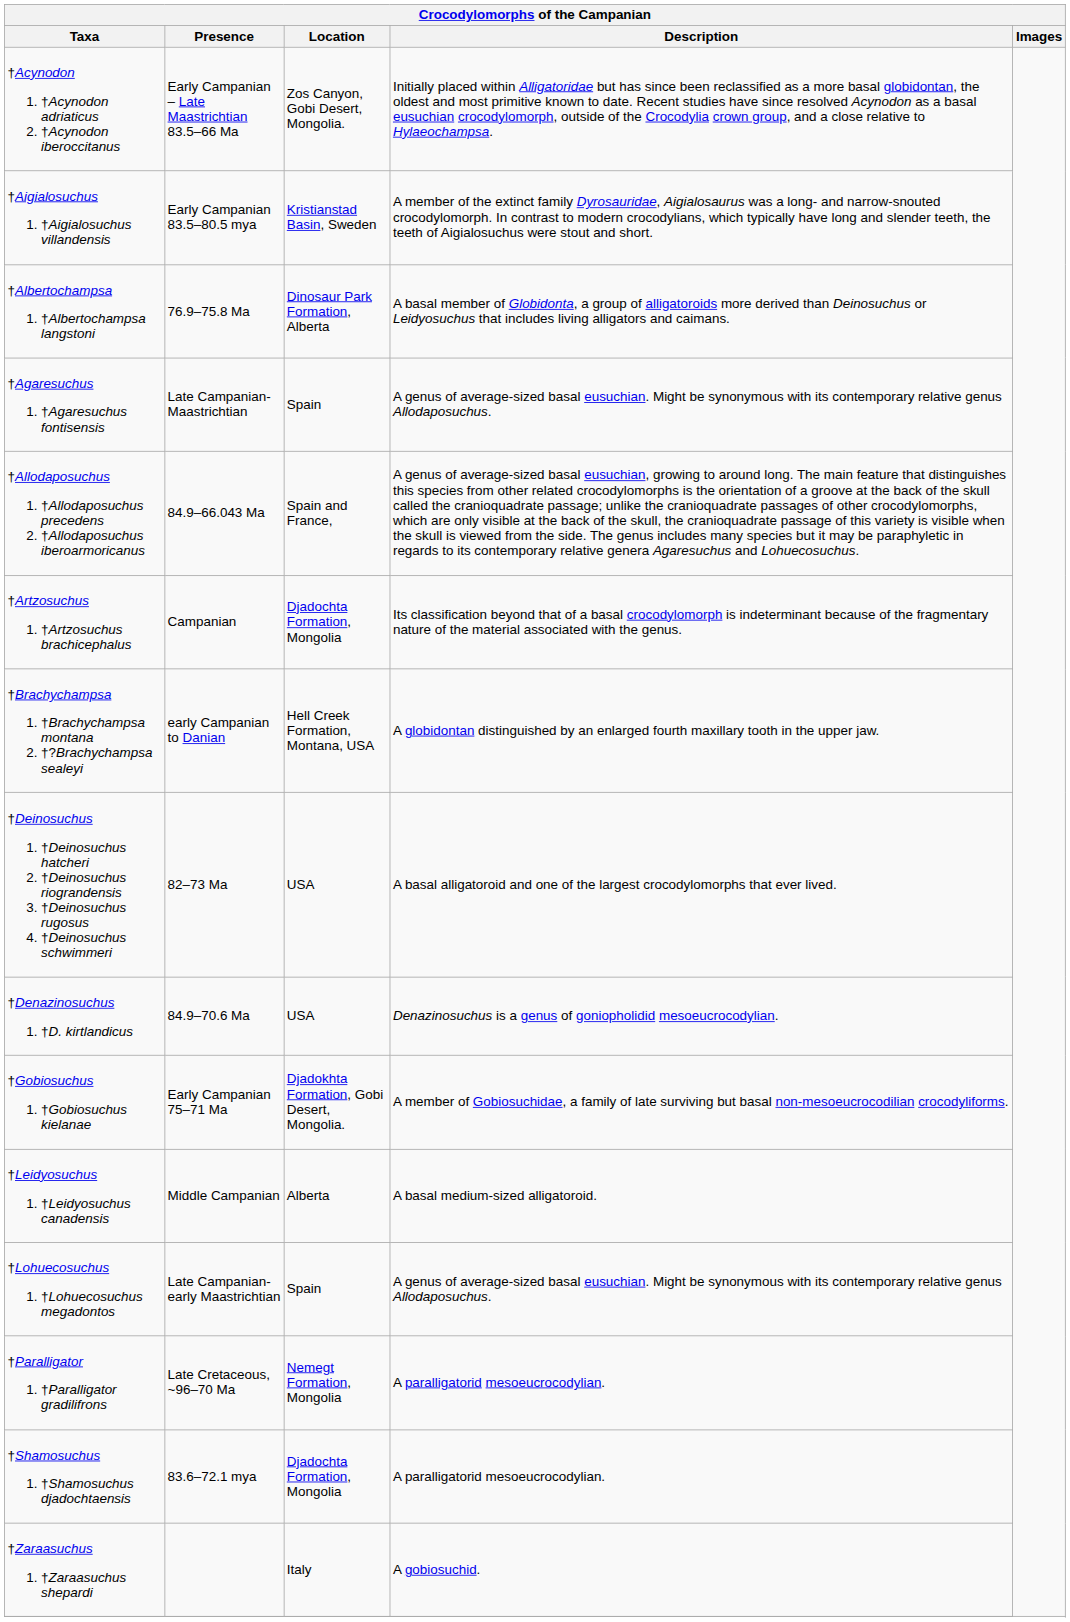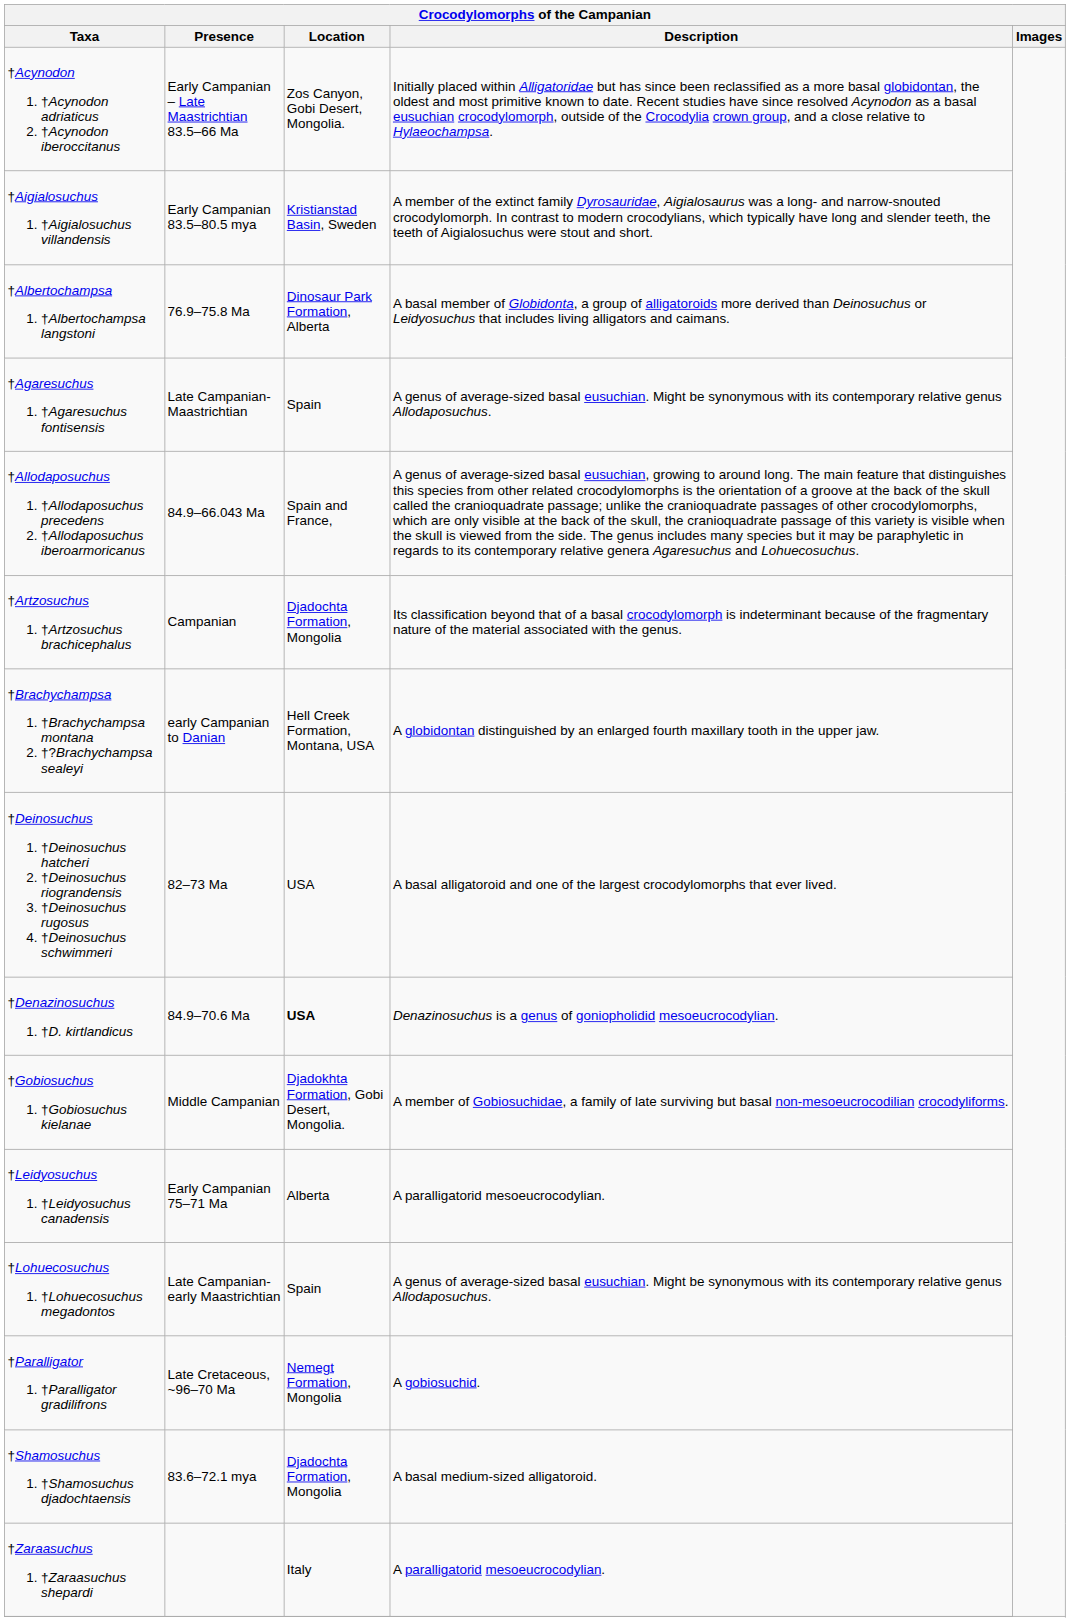 <table class="wikitable" align="center" width="100%">
 <tr>
 <th colspan="5" align="center"><a href='#'>Crocodylomorphs</a> of the Campanian</th>
 </tr>
 <tr>
 <th>Taxa</th>
 <th>Presence</th>
 <th>Location</th>
 <th>Description</th>
 <th>Images</th>
 </tr>
 <tr>
 <td><br>†<em><a href='#'>Acynodon</a></em><ol><li>†<em>Acynodon adriaticus</em></li><li>†<em>Acynodon iberoccitanus</em></li></ol></td>
 <td>Early Campanian – <a href='#'>Late Maastrichtian</a> 83.5–66 Ma</td>
 <td>Zos Canyon, Gobi Desert, Mongolia.</td>
 <td>Initially placed within <em><a href='#'>Alligatoridae</a></em> but has since been reclassified as a more basal <a href='#'>globidontan</a>, the oldest and most primitive known to date. Recent studies have since resolved <em>Acynodon</em> as a basal <a href='#'>eusuchian</a> <a href='#'>crocodylomorph</a>, outside of the <a href='#'>Crocodylia</a> <a href='#'>crown group</a>, and a close relative to <em><a href='#'>Hylaeochampsa</a></em>.</td>
 <td rowspan="99"><br><br><br><br><br><br></td>
 </tr>
 <tr>
 <td><br>†<em><a href='#'>Aigialosuchus</a></em><ol><li>†<em>Aigialosuchus villandensis</em></li></ol></td>
 <td>Early Campanian 83.5–80.5 mya</td>
 <td><a href='#'>Kristianstad Basin</a>, Sweden</td>
 <td>A member of the extinct family <em><a href='#'>Dyrosauridae</a></em>, <em>Aigialosaurus</em> was a long- and narrow-snouted crocodylomorph. In contrast to modern crocodylians, which typically have long and slender teeth, the teeth of Aigialosuchus were stout and short.</td>
 </tr>
 <tr>
 <td><br>†<em><a href='#'>Albertochampsa</a></em><ol><li>†<em>Albertochampsa langstoni</em></li></ol></td>
 <td>76.9–75.8 Ma</td>
 <td><a href='#'>Dinosaur Park Formation</a>, Alberta</td>
 <td>A basal member of <em><a href='#'>Globidonta</a></em>, a group of <a href='#'>alligatoroids</a> more derived than <em>Deinosuchus</em> or <em>Leidyosuchus</em> that includes living alligators and caimans.</td>
 </tr>
 <tr>
 <td><br>†<em><a href='#'>Agaresuchus</a></em><ol><li>†<em>Agaresuchus fontisensis</em></li></ol></td>
 <td>Late Campanian-Maastrichtian</td>
 <td>Spain</td>
 <td>A genus of average-sized basal <a href='#'>eusuchian</a>. Might be synonymous with its contemporary relative genus <em>Allodaposuchus</em>.</td>
 </tr>
 <tr>
 <td><br>†<em><a href='#'>Allodaposuchus</a></em><ol><li>†<em>Allodaposuchus precedens</em></li><li>†<em>Allodaposuchus iberoarmoricanus</em></li></ol></td>
 <td>84.9–66.043 Ma</td>
 <td>Spain and France,</td>
 <td>A genus of average-sized basal <a href='#'>eusuchian</a>, growing to around  long. The main feature that distinguishes this species from other related crocodylomorphs is the orientation of a groove at the back of the skull called the cranioquadrate passage; unlike the cranioquadrate passages of other crocodylomorphs, which are only visible at the back of the skull, the cranioquadrate passage of this variety is visible when the skull is viewed from the side. The genus includes many species but it may be paraphyletic in regards to its contemporary relative genera <em>Agaresuchus</em> and <em>Lohuecosuchus</em>.</td>
 </tr>
 <tr>
 <td><br>†<em><a href='#'>Artzosuchus</a></em><ol><li>†<em>Artzosuchus brachicephalus</em></li></ol></td>
 <td>Campanian</td>
 <td><a href='#'>Djadochta Formation</a>, Mongolia</td>
 <td>Its classification beyond that of a basal <a href='#'>crocodylomorph</a> is indeterminant because of the fragmentary nature of the material associated with the genus.</td>
 </tr>
 <tr>
 <td><br>†<em><a href='#'>Brachychampsa</a></em><ol><li>†<em>Brachychampsa montana</em></li><li>†?<em>Brachychampsa sealeyi </em></li></ol></td>
 <td>early Campanian to <a href='#'>Danian</a></td>
 <td>Hell Creek Formation, Montana, USA</td>
 <td>A <a href='#'>globidontan</a> distinguished by an enlarged fourth maxillary tooth in the upper jaw.</td>
 </tr>
 <tr>
 <td><br>†<em><a href='#'>Deinosuchus</a></em><ol><li>†<em>Deinosuchus hatcheri</em></li><li>†<em>Deinosuchus riograndensis</em></li><li>†<em>Deinosuchus rugosus</em></li><li>†<em>Deinosuchus schwimmeri</em></li></ol></td>
 <td>82–73 Ma</td>
 <td>USA</td>
 <td>A basal alligatoroid and one of the largest crocodylomorphs that ever lived.</td>
 </tr>
 <tr>
 <td><br>†<em><a href='#'>Denazinosuchus</a></em><ol><li>†<em>D. kirtlandicus</em></li></ol></td>
 <td>84.9–70.6 Ma</td>
-<td>USA</td>
+<td><strong>USA</strong></td>
 <td><em>Denazinosuchus</em> is a <a href='#'>genus</a> of <a href='#'>goniopholidid</a> <a href='#'>mesoeucrocodylian</a>.</td>
 </tr>
 <tr>
 <td><br>†<em><a href='#'>Gobiosuchus</a></em><ol><li>†<em>Gobiosuchus kielanae</em></li></ol></td>
-<td>Early Campanian 75–71 Ma</td>
+<td>Middle Campanian</td>
 <td><a href='#'>Djadokhta Formation</a>, Gobi Desert, Mongolia.</td>
 <td>A member of <a href='#'>Gobiosuchidae</a>, a family of late surviving but basal <a href='#'>non-mesoeucrocodilian</a> <a href='#'>crocodyliforms</a>.</td>
 </tr>
 <tr>
 <td><br>†<em><a href='#'>Leidyosuchus</a></em><ol><li>†<em>Leidyosuchus  canadensis</em></li></ol></td>
-<td>Middle Campanian</td>
+<td>Early Campanian 75–71 Ma</td>
 <td>Alberta</td>
-<td>A basal medium-sized alligatoroid.</td>
+<td>A paralligatorid mesoeucrocodylian.</td>
 </tr>
 <tr>
 <td><br>†<em><a href='#'>Lohuecosuchus</a></em><ol><li>†<em>Lohuecosuchus megadontos</em></li></ol></td>
 <td>Late Campanian-early Maastrichtian</td>
 <td>Spain</td>
 <td>A genus of average-sized basal <a href='#'>eusuchian</a>. Might be synonymous with its contemporary relative genus <em>Allodaposuchus</em>.</td>
 </tr>
 <tr>
 <td><br>†<em><a href='#'>Paralligator</a></em><ol><li>†<em>Paralligator gradilifrons</em></li></ol></td>
 <td>Late Cretaceous, ~96–70 Ma</td>
 <td><a href='#'>Nemegt Formation</a>, Mongolia</td>
-<td>A <a href='#'>paralligatorid</a> <a href='#'>mesoeucrocodylian</a>.</td>
+<td>A <a href='#'>gobiosuchid</a>.</td>
 </tr>
 <tr>
 <td><br>†<em><a href='#'>Shamosuchus</a></em><ol><li>†<em>Shamosuchus djadochtaensis</em></li></ol></td>
 <td>83.6–72.1 mya</td>
 <td><a href='#'>Djadochta Formation</a>, Mongolia</td>
-<td>A paralligatorid mesoeucrocodylian.</td>
+<td>A basal medium-sized alligatoroid.</td>
 </tr>
 <tr>
 <td><br>†<em><a href='#'>Zaraasuchus</a></em><ol><li>†<em>Zaraasuchus shepardi </em></li></ol></td>
 <td></td>
 <td>Italy</td>
-<td>A <a href='#'>gobiosuchid</a>.</td>
+<td>A <a href='#'>paralligatorid</a> <a href='#'>mesoeucrocodylian</a>.</td>
 </tr>
 <tr>
 </tr>
 </table>
